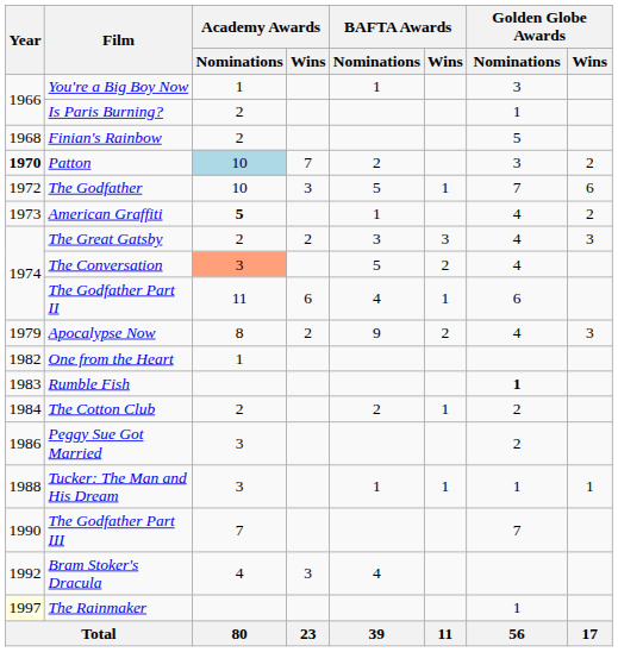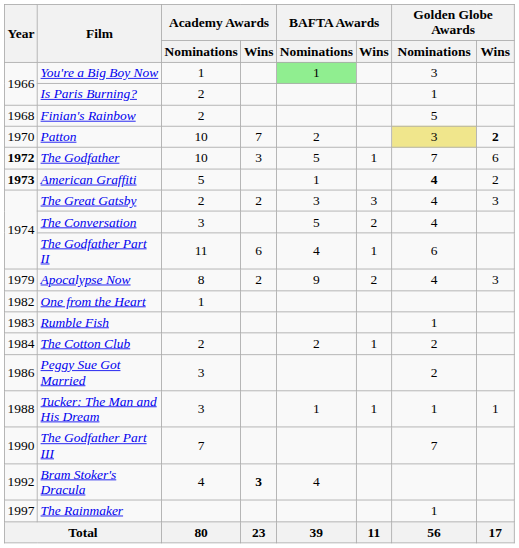 <table class="wikitable sortable">
 <tr>
 <th rowspan="2">Year</th>
 <th rowspan="2">Film</th>
 <th colspan="2" style="text-align:center;">Academy Awards</th>
 <th colspan="2" style="text-align:center;">BAFTA Awards</th>
 <th colspan="2" style="text-align:center;">Golden Globe Awards</th>
 </tr>
 <tr>
 <th>Nominations</th>
 <th>Wins</th>
 <th>Nominations</th>
 <th>Wins</th>
 <th>Nominations</th>
 <th>Wins</th>
 </tr>
 <tr>
 <td rowspan=2>1966</td>
 <td><em><a href='#'>You're a Big Boy Now</a></em></td>
 <td align=center>1</td>
 <td></td>
-<td align=center>1</td>
+<td align=center style="background: lightgreen;">1</td>
 <td></td>
 <td align=center>3</td>
 <td></td>
 </tr>
 <tr>
 <td><em><a href='#'>Is Paris Burning?</a></em></td>
 <td align=center>2</td>
 <td></td>
 <td></td>
 <td></td>
 <td align=center>1</td>
 <td></td>
 </tr>
 <tr>
 <td>1968</td>
 <td><em><a href='#'>Finian's Rainbow</a></em></td>
 <td align=center>2</td>
 <td></td>
 <td></td>
 <td></td>
 <td align=center>5</td>
 <td></td>
 </tr>
 <tr>
-<td><strong>1970</strong></td>
+<td>1970</td>
 <td><em><a href='#'>Patton</a></em></td>
-<td align=center style="background: lightblue;">10</td>
+<td align=center>10</td>
 <td align=center>7</td>
 <td align=center>2</td>
 <td></td>
-<td align=center>3</td>
-<td align=center>2</td>
+<td align=center style="background: khaki;">3</td>
+<td align=center><strong>2</strong></td>
 </tr>
 <tr>
-<td>1972</td>
+<td><strong>1972</strong></td>
 <td><em><a href='#'>The Godfather</a></em></td>
 <td align=center>10</td>
 <td align=center>3</td>
 <td align=center>5</td>
 <td align=center>1</td>
 <td align=center>7</td>
 <td align=center>6</td>
 </tr>
 <tr>
-<td>1973</td>
+<td><strong>1973</strong></td>
 <td><em><a href='#'>American Graffiti</a></em></td>
-<td align=center><strong>5</strong></td>
+<td align=center>5</td>
 <td></td>
 <td align=center>1</td>
 <td></td>
-<td align=center>4</td>
+<td align=center><strong>4</strong></td>
 <td align=center>2</td>
 </tr>
 <tr>
 <td rowspan=3>1974</td>
 <td><em><a href='#'>The Great Gatsby</a></em></td>
 <td align=center>2</td>
 <td align=center>2</td>
 <td align=center>3</td>
 <td align=center>3</td>
 <td align=center>4</td>
 <td align=center>3</td>
 </tr>
 <tr>
 <td><em><a href='#'>The Conversation</a></em></td>
-<td align=center style="background: lightsalmon;">3</td>
+<td align=center>3</td>
 <td></td>
 <td align=center>5</td>
 <td align=center>2</td>
 <td align=center>4</td>
 <td></td>
 </tr>
 <tr>
 <td><em><a href='#'>The Godfather Part II</a></em></td>
 <td align=center>11</td>
 <td align=center>6</td>
 <td align=center>4</td>
 <td align=center>1</td>
 <td align=center>6</td>
 <td></td>
 </tr>
 <tr>
 <td>1979</td>
 <td><em><a href='#'>Apocalypse Now</a></em></td>
 <td align=center>8</td>
 <td align=center>2</td>
 <td align=center>9</td>
 <td align=center>2</td>
 <td align=center>4</td>
 <td align=center>3</td>
 </tr>
 <tr>
 <td>1982</td>
 <td><em><a href='#'>One from the Heart</a></em></td>
 <td align=center>1</td>
 <td></td>
 <td></td>
 <td></td>
 <td></td>
 <td></td>
 </tr>
 <tr>
 <td>1983</td>
 <td><em><a href='#'>Rumble Fish</a></em></td>
 <td></td>
 <td></td>
 <td></td>
 <td></td>
-<td align=center><strong>1</strong></td>
+<td align=center>1</td>
 <td></td>
 </tr>
 <tr>
 <td>1984</td>
 <td><em><a href='#'>The Cotton Club</a></em></td>
 <td align=center>2</td>
 <td></td>
 <td align=center>2</td>
 <td align=center>1</td>
 <td align=center>2</td>
 <td></td>
 </tr>
 <tr>
 <td>1986</td>
 <td><em><a href='#'>Peggy Sue Got Married</a></em></td>
 <td align=center>3</td>
 <td></td>
 <td></td>
 <td></td>
 <td align=center>2</td>
 <td></td>
 </tr>
 <tr>
 <td>1988</td>
 <td><em><a href='#'>Tucker: The Man and His Dream</a></em></td>
 <td align=center>3</td>
 <td></td>
 <td align=center>1</td>
 <td align=center>1</td>
 <td align=center>1</td>
 <td align=center>1</td>
 </tr>
 <tr>
 <td>1990</td>
 <td><em><a href='#'>The Godfather Part III</a></em></td>
 <td align=center>7</td>
 <td></td>
 <td></td>
 <td></td>
 <td align=center>7</td>
 <td></td>
 </tr>
 <tr>
 <td>1992</td>
 <td><em><a href='#'>Bram Stoker's Dracula</a></em></td>
 <td align=center>4</td>
-<td align=center>3</td>
+<td align=center><strong>3</strong></td>
 <td align=center>4</td>
 <td></td>
 <td></td>
 <td></td>
 </tr>
 <tr>
-<td style="background: lightyellow;">1997</td>
+<td>1997</td>
 <td><em><a href='#'>The Rainmaker</a></em></td>
 <td></td>
 <td></td>
 <td></td>
 <td></td>
 <td align=center>1</td>
 <td></td>
 </tr>
 <tr>
 <th colspan="2"><strong>Total</strong></th>
 <th align=center>80</th>
 <th align=center>23</th>
 <th align=center>39</th>
 <th align=center>11</th>
 <th align=center>56</th>
 <th align=center>17</th>
 </tr>
 </table>
